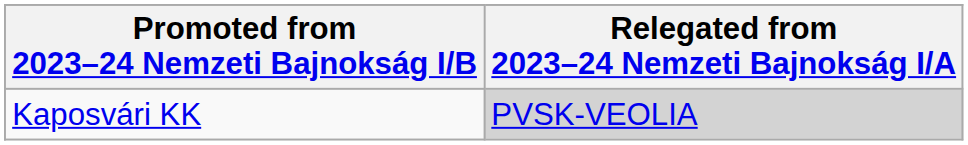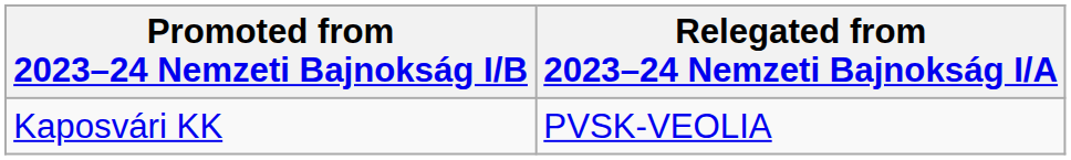 <table class="wikitable">
 <tr>
 <th>Promoted from<br><a href='#'>2023–24 Nemzeti Bajnokság I/B</a></th>
 <th>Relegated from<br><a href='#'>2023–24 Nemzeti Bajnokság I/A</a></th>
 </tr>
 <tr>
 <td><a href='#'>Kaposvári KK</a></td>
-<td style="background: lightgrey;"><a href='#'>PVSK-VEOLIA</a></td>
+<td><a href='#'>PVSK-VEOLIA</a></td>
 </tr>
 </table>
